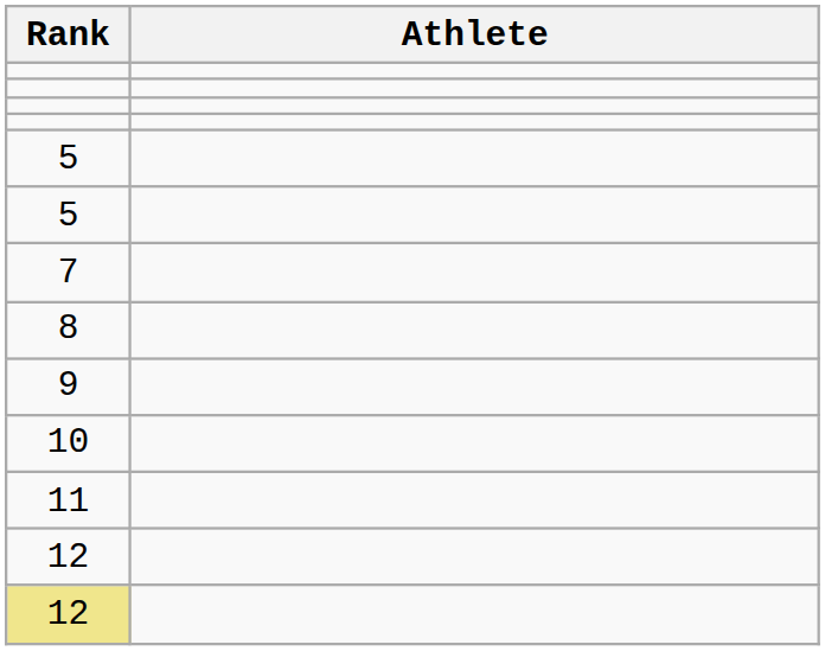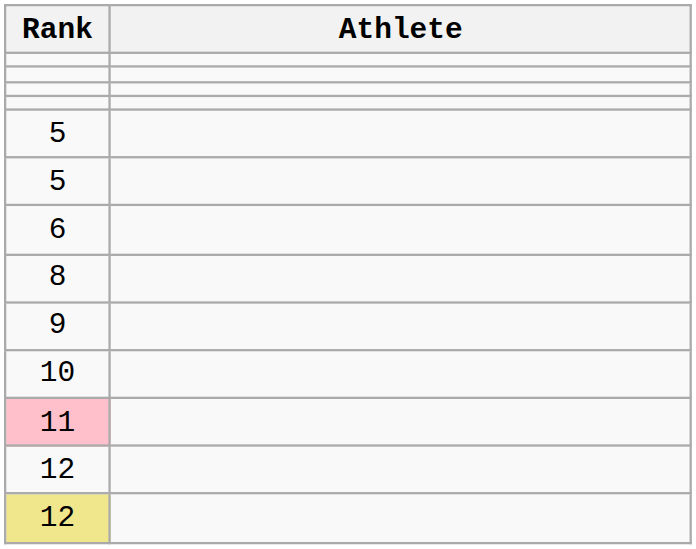 <table class="wikitable" style="text-align: center;">
 <tr>
 <th width=40>Rank</th>
 <th width=250>Athlete</th>
 </tr>
 <tr>
 <td></td>
 <td align=left></td>
 </tr>
 <tr>
 <td></td>
 <td align=left></td>
 </tr>
 <tr>
 <td></td>
 <td align=left></td>
 </tr>
 <tr>
 <td></td>
 <td align=left></td>
 </tr>
 <tr>
 <td>5</td>
 <td align=left></td>
 </tr>
 <tr>
 <td>5</td>
 <td align=left></td>
 </tr>
 <tr>
-<td>7</td>
+<td>6</td>
 <td align=left></td>
 </tr>
 <tr>
 <td>8</td>
 <td align=left></td>
 </tr>
 <tr>
 <td>9</td>
 <td align=left></td>
 </tr>
 <tr>
 <td>10</td>
 <td align=left></td>
 </tr>
 <tr>
-<td>11</td>
+<td style="background: pink;">11</td>
 <td align=left></td>
 </tr>
 <tr>
 <td>12</td>
 <td align=left></td>
 </tr>
 <tr>
 <td style="background: khaki;">12</td>
 <td align=left></td>
 </tr>
 </table>
